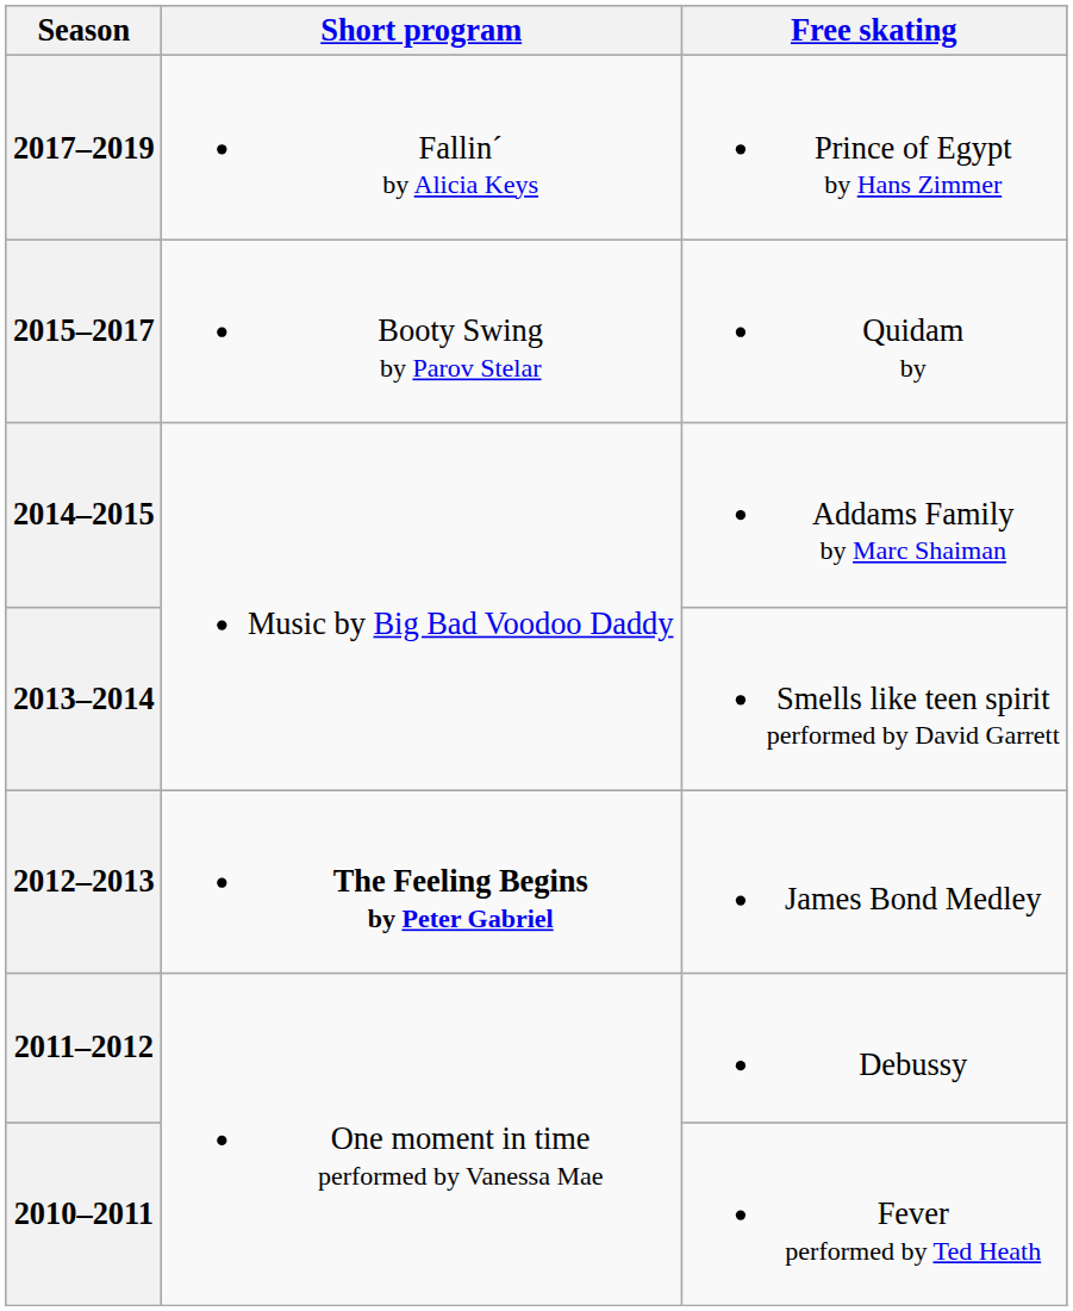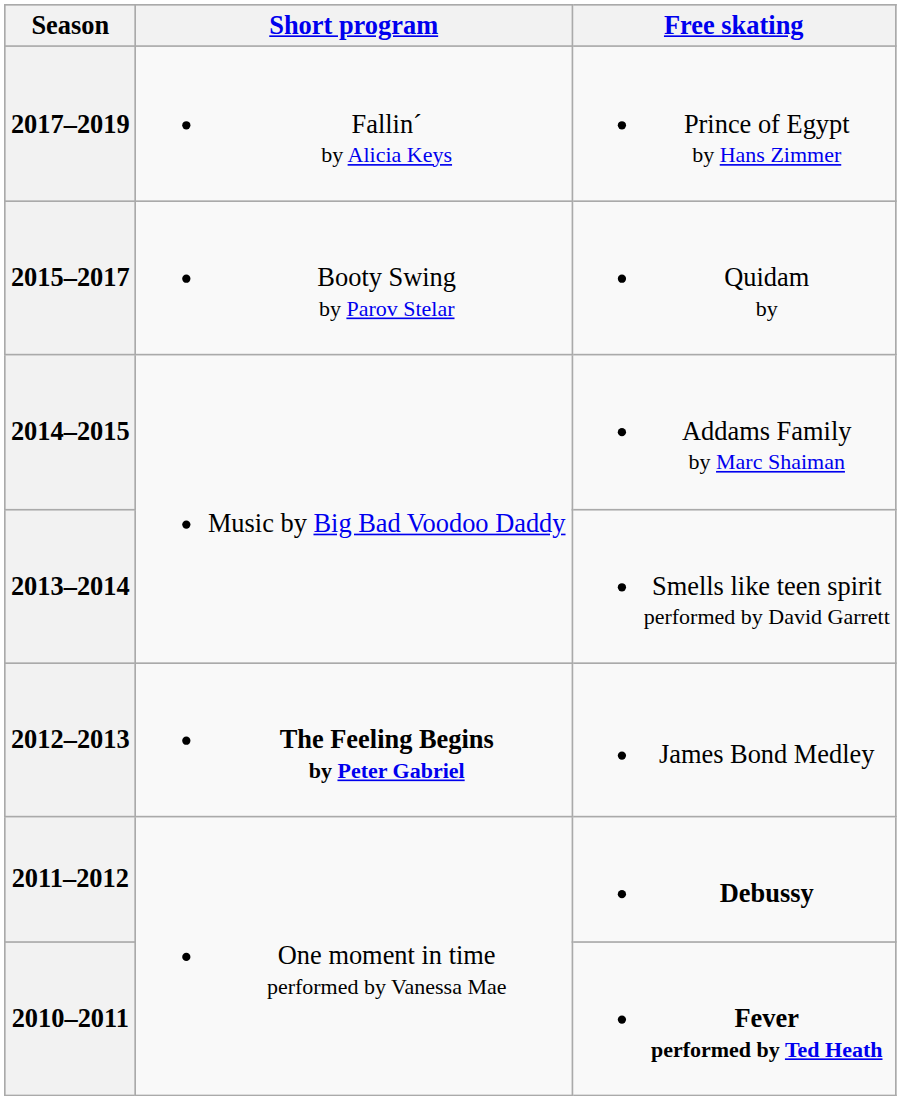 <table class=wikitable style=text-align:center>
 <tr>
 <th>Season</th>
 <th><a href='#'>Short program</a></th>
 <th><a href='#'>Free skating</a></th>
 </tr>
 <tr>
 <th>2017–2019 <br></th>
 <td><br><ul><li>Fallin´ <br><small> by <a href='#'>Alicia Keys</a> </small></li></ul></td>
 <td><br><ul><li>Prince of Egypt <br><small> by <a href='#'>Hans Zimmer</a> </small></li></ul></td>
 </tr>
 <tr>
 <th>2015–2017 <br></th>
 <td><br><ul><li>Booty Swing <br><small> by <a href='#'>Parov Stelar</a> </small></li></ul></td>
 <td><br><ul><li>Quidam <br><small> by  </small></li></ul></td>
 </tr>
 <tr>
 <th>2014–2015 <br></th>
 <td rowspan=2><br><ul><li>Music by <a href='#'>Big Bad Voodoo Daddy</a> <br><small>  </small></li></ul></td>
 <td><br><ul><li>Addams Family <br><small> by <a href='#'>Marc Shaiman</a> </small></li></ul></td>
 </tr>
 <tr>
 <th>2013–2014 <br></th>
 <td><br><ul><li>Smells like teen spirit <br><small> performed by David Garrett </small></li></ul></td>
 </tr>
 <tr>
 <th>2012–2013 <br></th>
 <td><strong><br><ul><li>The Feeling Begins <br><small> by <a href='#'>Peter Gabriel</a> </small></li></ul></strong></td>
 <td><br><ul><li>James Bond Medley <br><small>  </small></li></ul></td>
 </tr>
 <tr>
 <th>2011–2012  <br></th>
 <td rowspan=2><br><ul><li>One moment in time <br><small> performed by Vanessa Mae </small></li></ul></td>
-<td><br><ul><li>Debussy</li></ul></td>
+<td><strong><br><ul><li>Debussy</li></ul></strong></td>
 </tr>
 <tr>
 <th>2010–2011  <br></th>
-<td><br><ul><li>Fever <br><small> performed by <a href='#'>Ted Heath</a> </small></li></ul></td>
+<td><strong><br><ul><li>Fever <br><small> performed by <a href='#'>Ted Heath</a> </small></li></ul></strong></td>
 </tr>
 </table>
